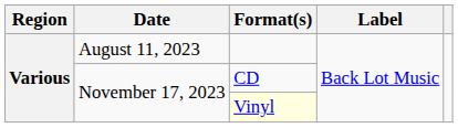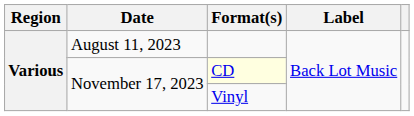 <table class="wikitable plainrowheaders">
 <tr>
 <th scope="col">Region</th>
 <th scope="col">Date</th>
 <th scope="col">Format(s)</th>
 <th scope="col">Label</th>
 <th scope="col"></th>
 </tr>
 <tr>
 <th rowspan="3" scope="row">Various</th>
 <td>August 11, 2023</td>
 <td></td>
 <td rowspan="3"><a href='#'>Back Lot Music</a></td>
 <td rowspan="3" align="center"></td>
 </tr>
 <tr>
 <td rowspan="2">November 17, 2023</td>
-<td><a href='#'>CD</a></td>
+<td style="background: lightyellow;"><a href='#'>CD</a></td>
 </tr>
 <tr>
-<td style="background: lightyellow;"><a href='#'>Vinyl</a></td>
+<td><a href='#'>Vinyl</a></td>
 </tr>
 </table>
